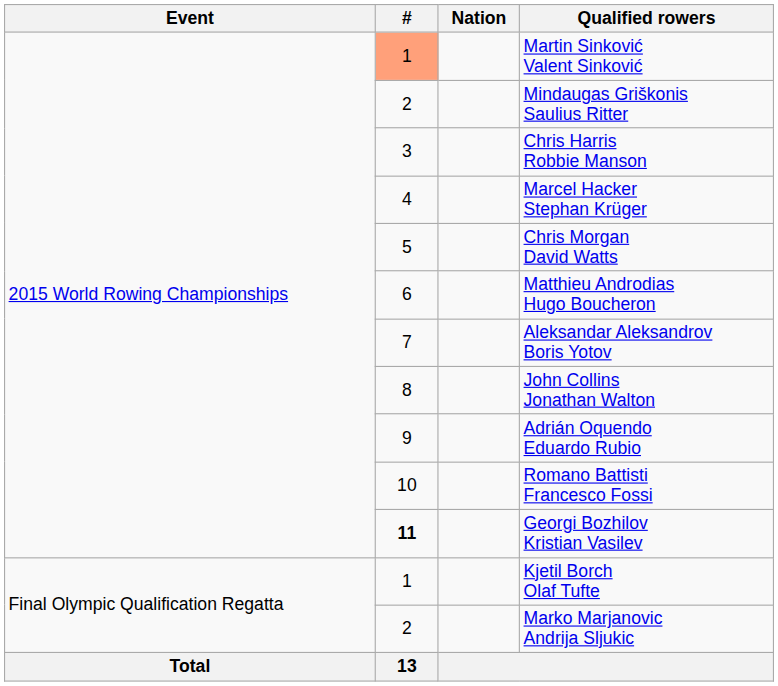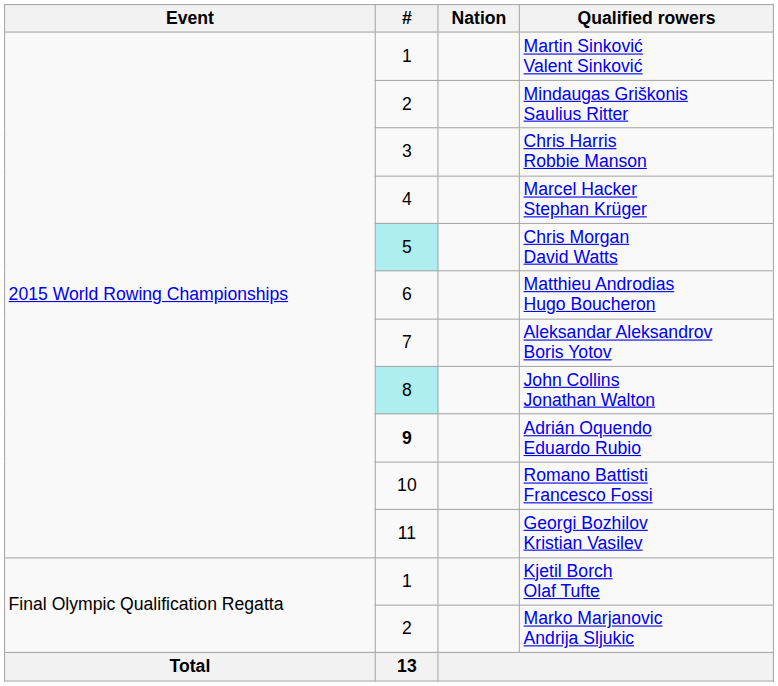 <table class="wikitable"  style="width:700px; text-align:center;">
 <tr>
 <th>Event</th>
 <th width=50>#</th>
 <th>Nation</th>
 <th>Qualified rowers</th>
 </tr>
 <tr>
 <td rowspan=11 align=left><a href='#'>2015 World Rowing Championships</a></td>
-<td style="background: lightsalmon;">1</td>
+<td>1</td>
 <td align=left></td>
 <td align=left><a href='#'>Martin Sinković</a><br><a href='#'>Valent Sinković</a></td>
 </tr>
 <tr>
 <td>2</td>
 <td align=left></td>
 <td align=left><a href='#'>Mindaugas Griškonis</a><br><a href='#'>Saulius Ritter</a></td>
 </tr>
 <tr>
 <td>3</td>
 <td align=left></td>
 <td align=left><a href='#'>Chris Harris</a><br><a href='#'>Robbie Manson</a></td>
 </tr>
 <tr>
 <td>4</td>
 <td align=left></td>
 <td align=left><a href='#'>Marcel Hacker</a><br><a href='#'>Stephan Krüger</a></td>
 </tr>
 <tr>
-<td>5</td>
+<td style="background: paleturquoise;">5</td>
 <td align=left></td>
 <td align=left><a href='#'>Chris Morgan</a><br><a href='#'>David Watts</a></td>
 </tr>
 <tr>
 <td>6</td>
 <td align=left></td>
 <td align=left><a href='#'>Matthieu Androdias</a><br><a href='#'>Hugo Boucheron</a></td>
 </tr>
 <tr>
 <td>7</td>
 <td align=left></td>
 <td align=left><a href='#'>Aleksandar Aleksandrov</a><br><a href='#'>Boris Yotov</a></td>
 </tr>
 <tr>
-<td>8</td>
+<td style="background: paleturquoise;">8</td>
 <td align=left></td>
 <td align=left><a href='#'>John Collins</a><br><a href='#'>Jonathan Walton</a></td>
 </tr>
 <tr>
-<td>9</td>
+<td><strong>9</strong></td>
 <td align=left></td>
 <td align=left><a href='#'>Adrián Oquendo</a><br><a href='#'>Eduardo Rubio</a></td>
 </tr>
 <tr>
 <td>10</td>
 <td align=left></td>
 <td align=left><a href='#'>Romano Battisti</a><br><a href='#'>Francesco Fossi</a></td>
 </tr>
 <tr>
-<td><strong>11</strong></td>
+<td>11</td>
 <td align=left></td>
 <td align=left><a href='#'>Georgi Bozhilov</a><br><a href='#'>Kristian Vasilev</a></td>
 </tr>
 <tr>
 <td rowspan=2 align=left>Final Olympic Qualification Regatta</td>
 <td>1</td>
 <td align=left></td>
 <td align=left><a href='#'>Kjetil Borch</a><br><a href='#'>Olaf Tufte</a></td>
 </tr>
 <tr>
 <td>2</td>
 <td align=left></td>
 <td align=left><a href='#'>Marko Marjanovic</a><br><a href='#'>Andrija Sljukic</a></td>
 </tr>
 <tr>
 <th>Total</th>
 <th>13</th>
 <th colspan=2></th>
 </tr>
 </table>
